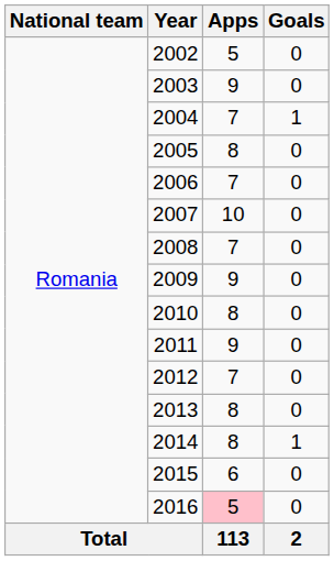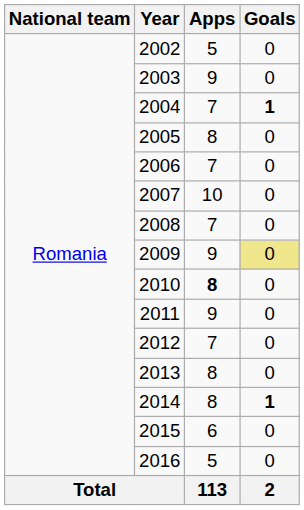 <table class="wikitable" style="text-align:center">
 <tr>
 <th>National team</th>
 <th>Year</th>
 <th>Apps</th>
 <th>Goals</th>
 </tr>
 <tr>
 <td rowspan="15"><a href='#'>Romania</a></td>
 <td>2002</td>
 <td>5</td>
 <td>0</td>
 </tr>
 <tr>
 <td>2003</td>
 <td>9</td>
 <td>0</td>
 </tr>
 <tr>
 <td>2004</td>
 <td>7</td>
-<td>1</td>
+<td><strong>1</strong></td>
 </tr>
 <tr>
 <td>2005</td>
 <td>8</td>
 <td>0</td>
 </tr>
 <tr>
 <td>2006</td>
 <td>7</td>
 <td>0</td>
 </tr>
 <tr>
 <td>2007</td>
 <td>10</td>
 <td>0</td>
 </tr>
 <tr>
 <td>2008</td>
 <td>7</td>
 <td>0</td>
 </tr>
 <tr>
 <td>2009</td>
 <td>9</td>
-<td>0</td>
+<td style="background: khaki;">0</td>
 </tr>
 <tr>
 <td>2010</td>
-<td>8</td>
+<td><strong>8</strong></td>
 <td>0</td>
 </tr>
 <tr>
 <td>2011</td>
 <td>9</td>
 <td>0</td>
 </tr>
 <tr>
 <td>2012</td>
 <td>7</td>
 <td>0</td>
 </tr>
 <tr>
 <td>2013</td>
 <td>8</td>
 <td>0</td>
 </tr>
 <tr>
 <td>2014</td>
 <td>8</td>
-<td>1</td>
+<td><strong>1</strong></td>
 </tr>
 <tr>
 <td>2015</td>
 <td>6</td>
 <td>0</td>
 </tr>
 <tr>
 <td>2016</td>
-<td style="background: pink;">5</td>
+<td>5</td>
 <td>0</td>
 </tr>
 <tr>
 <th colspan="2">Total</th>
 <th>113</th>
 <th>2</th>
 </tr>
 </table>
